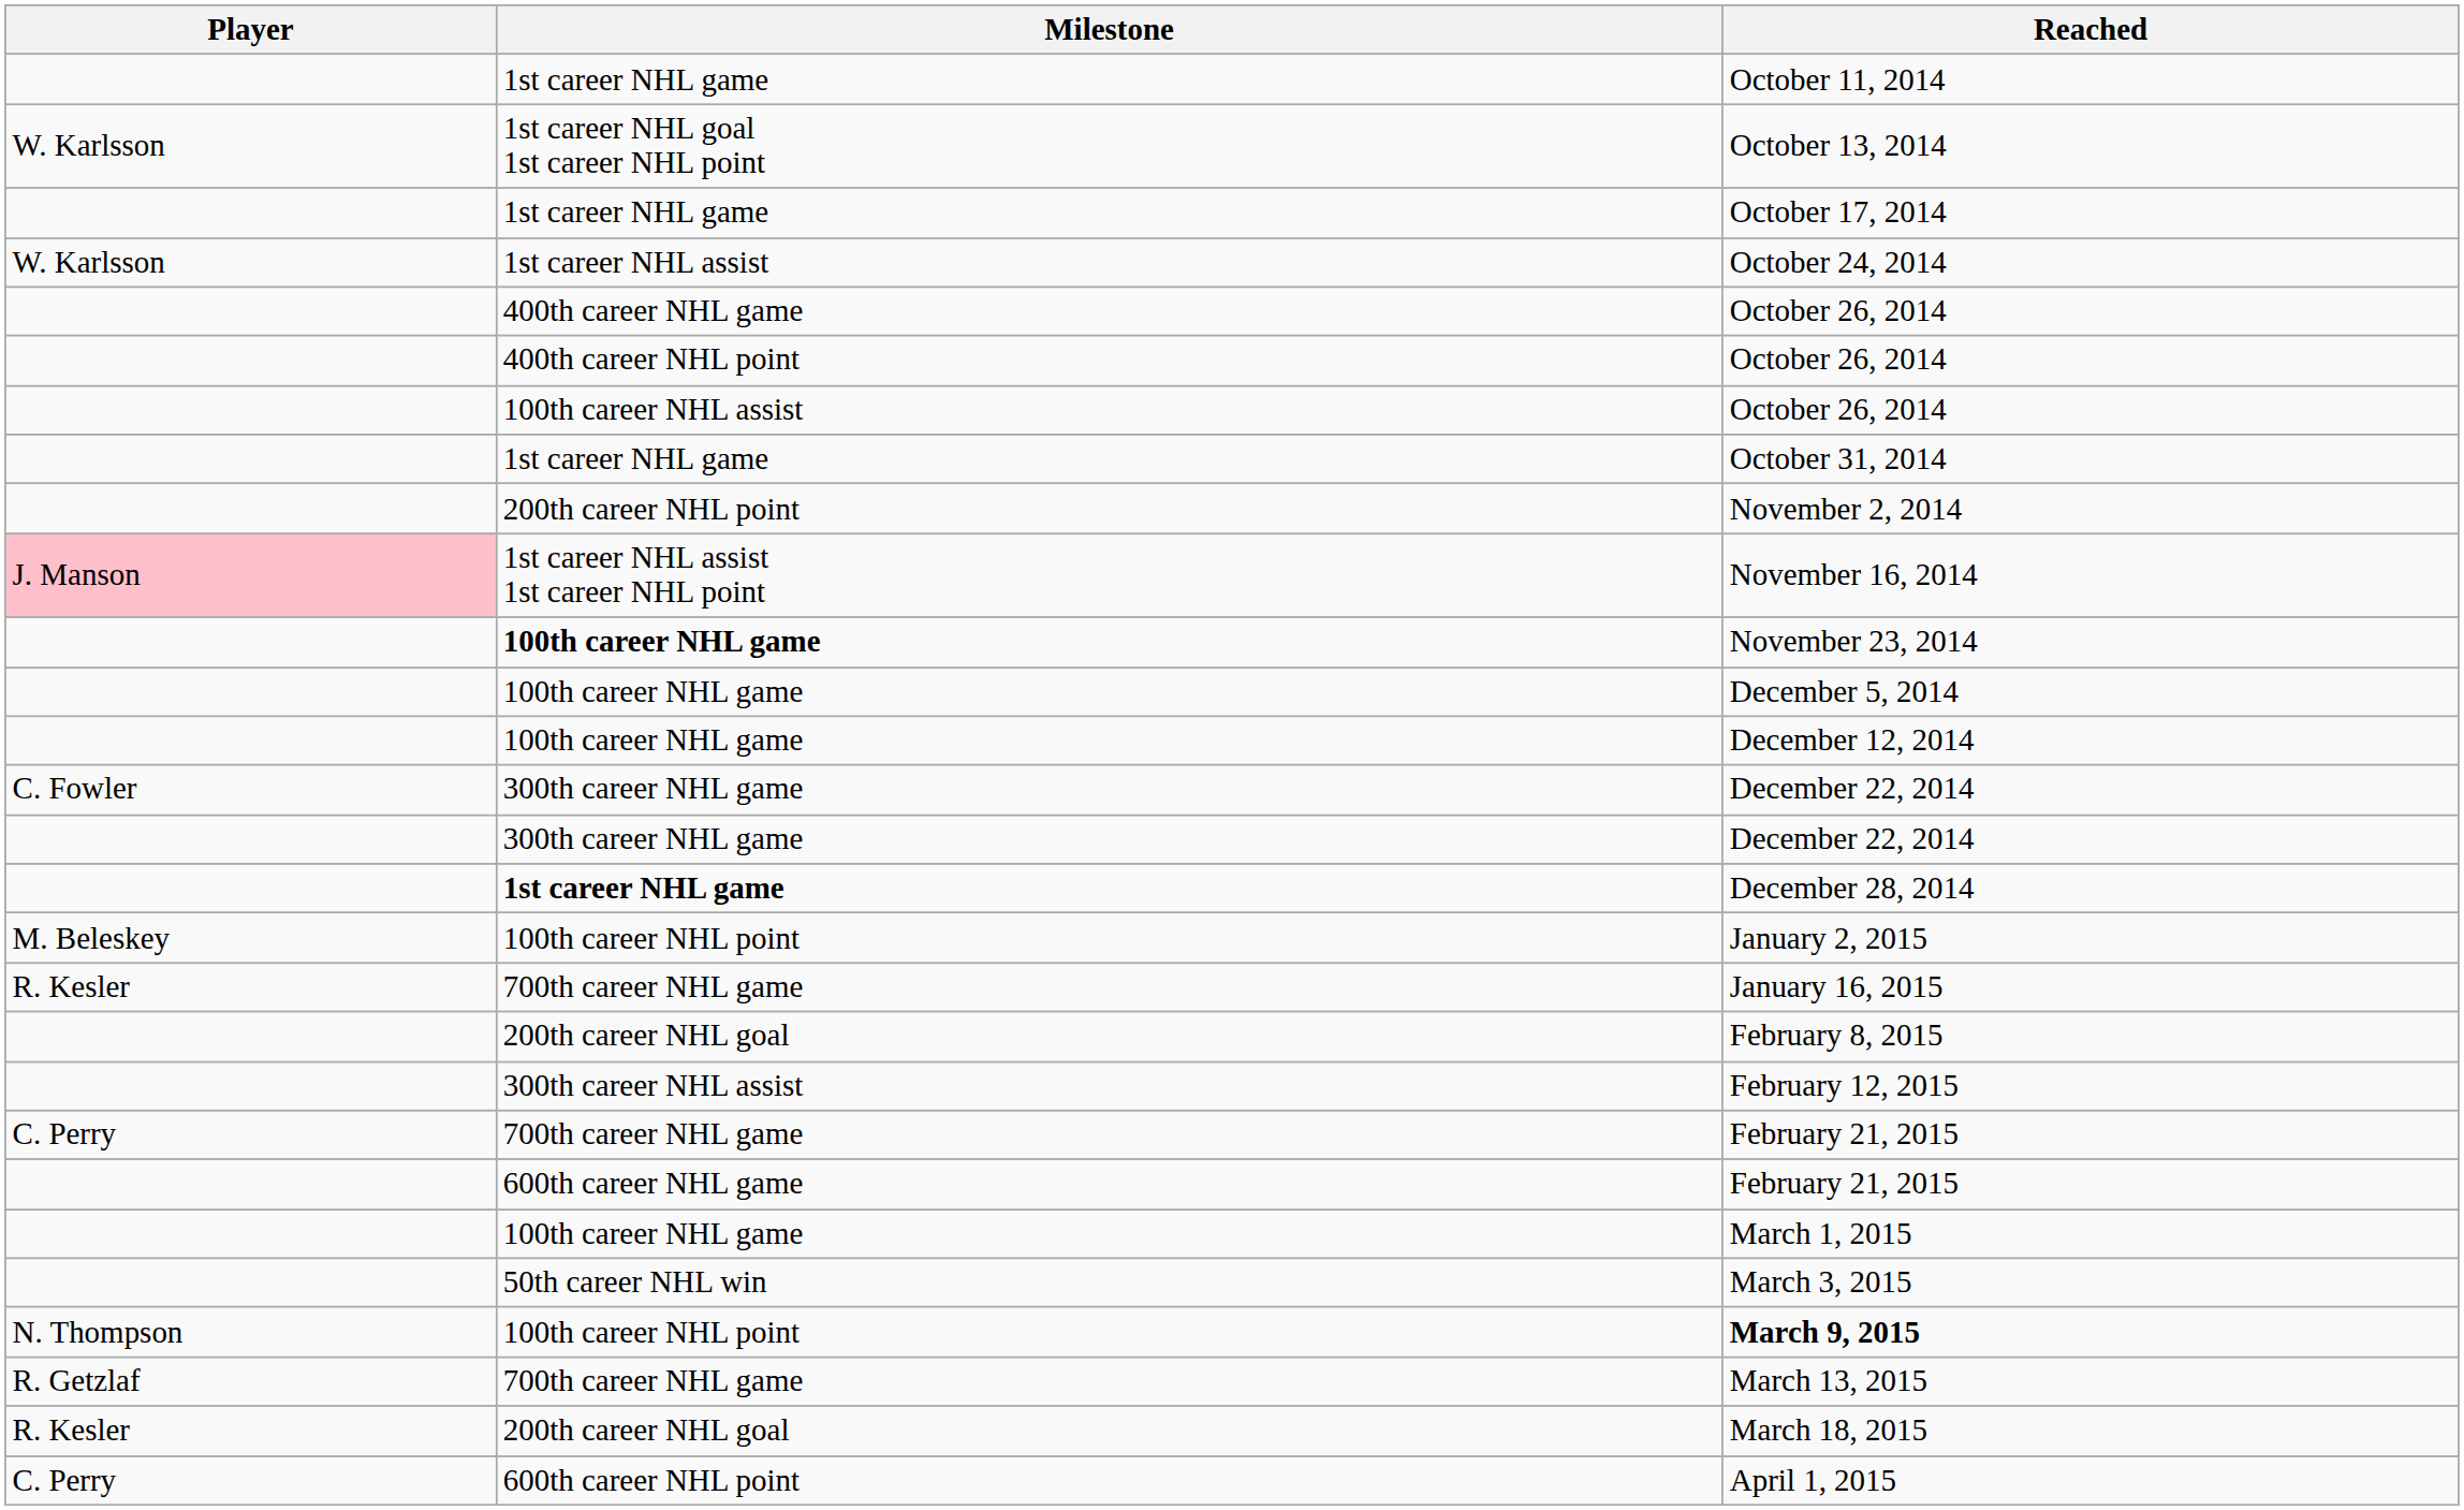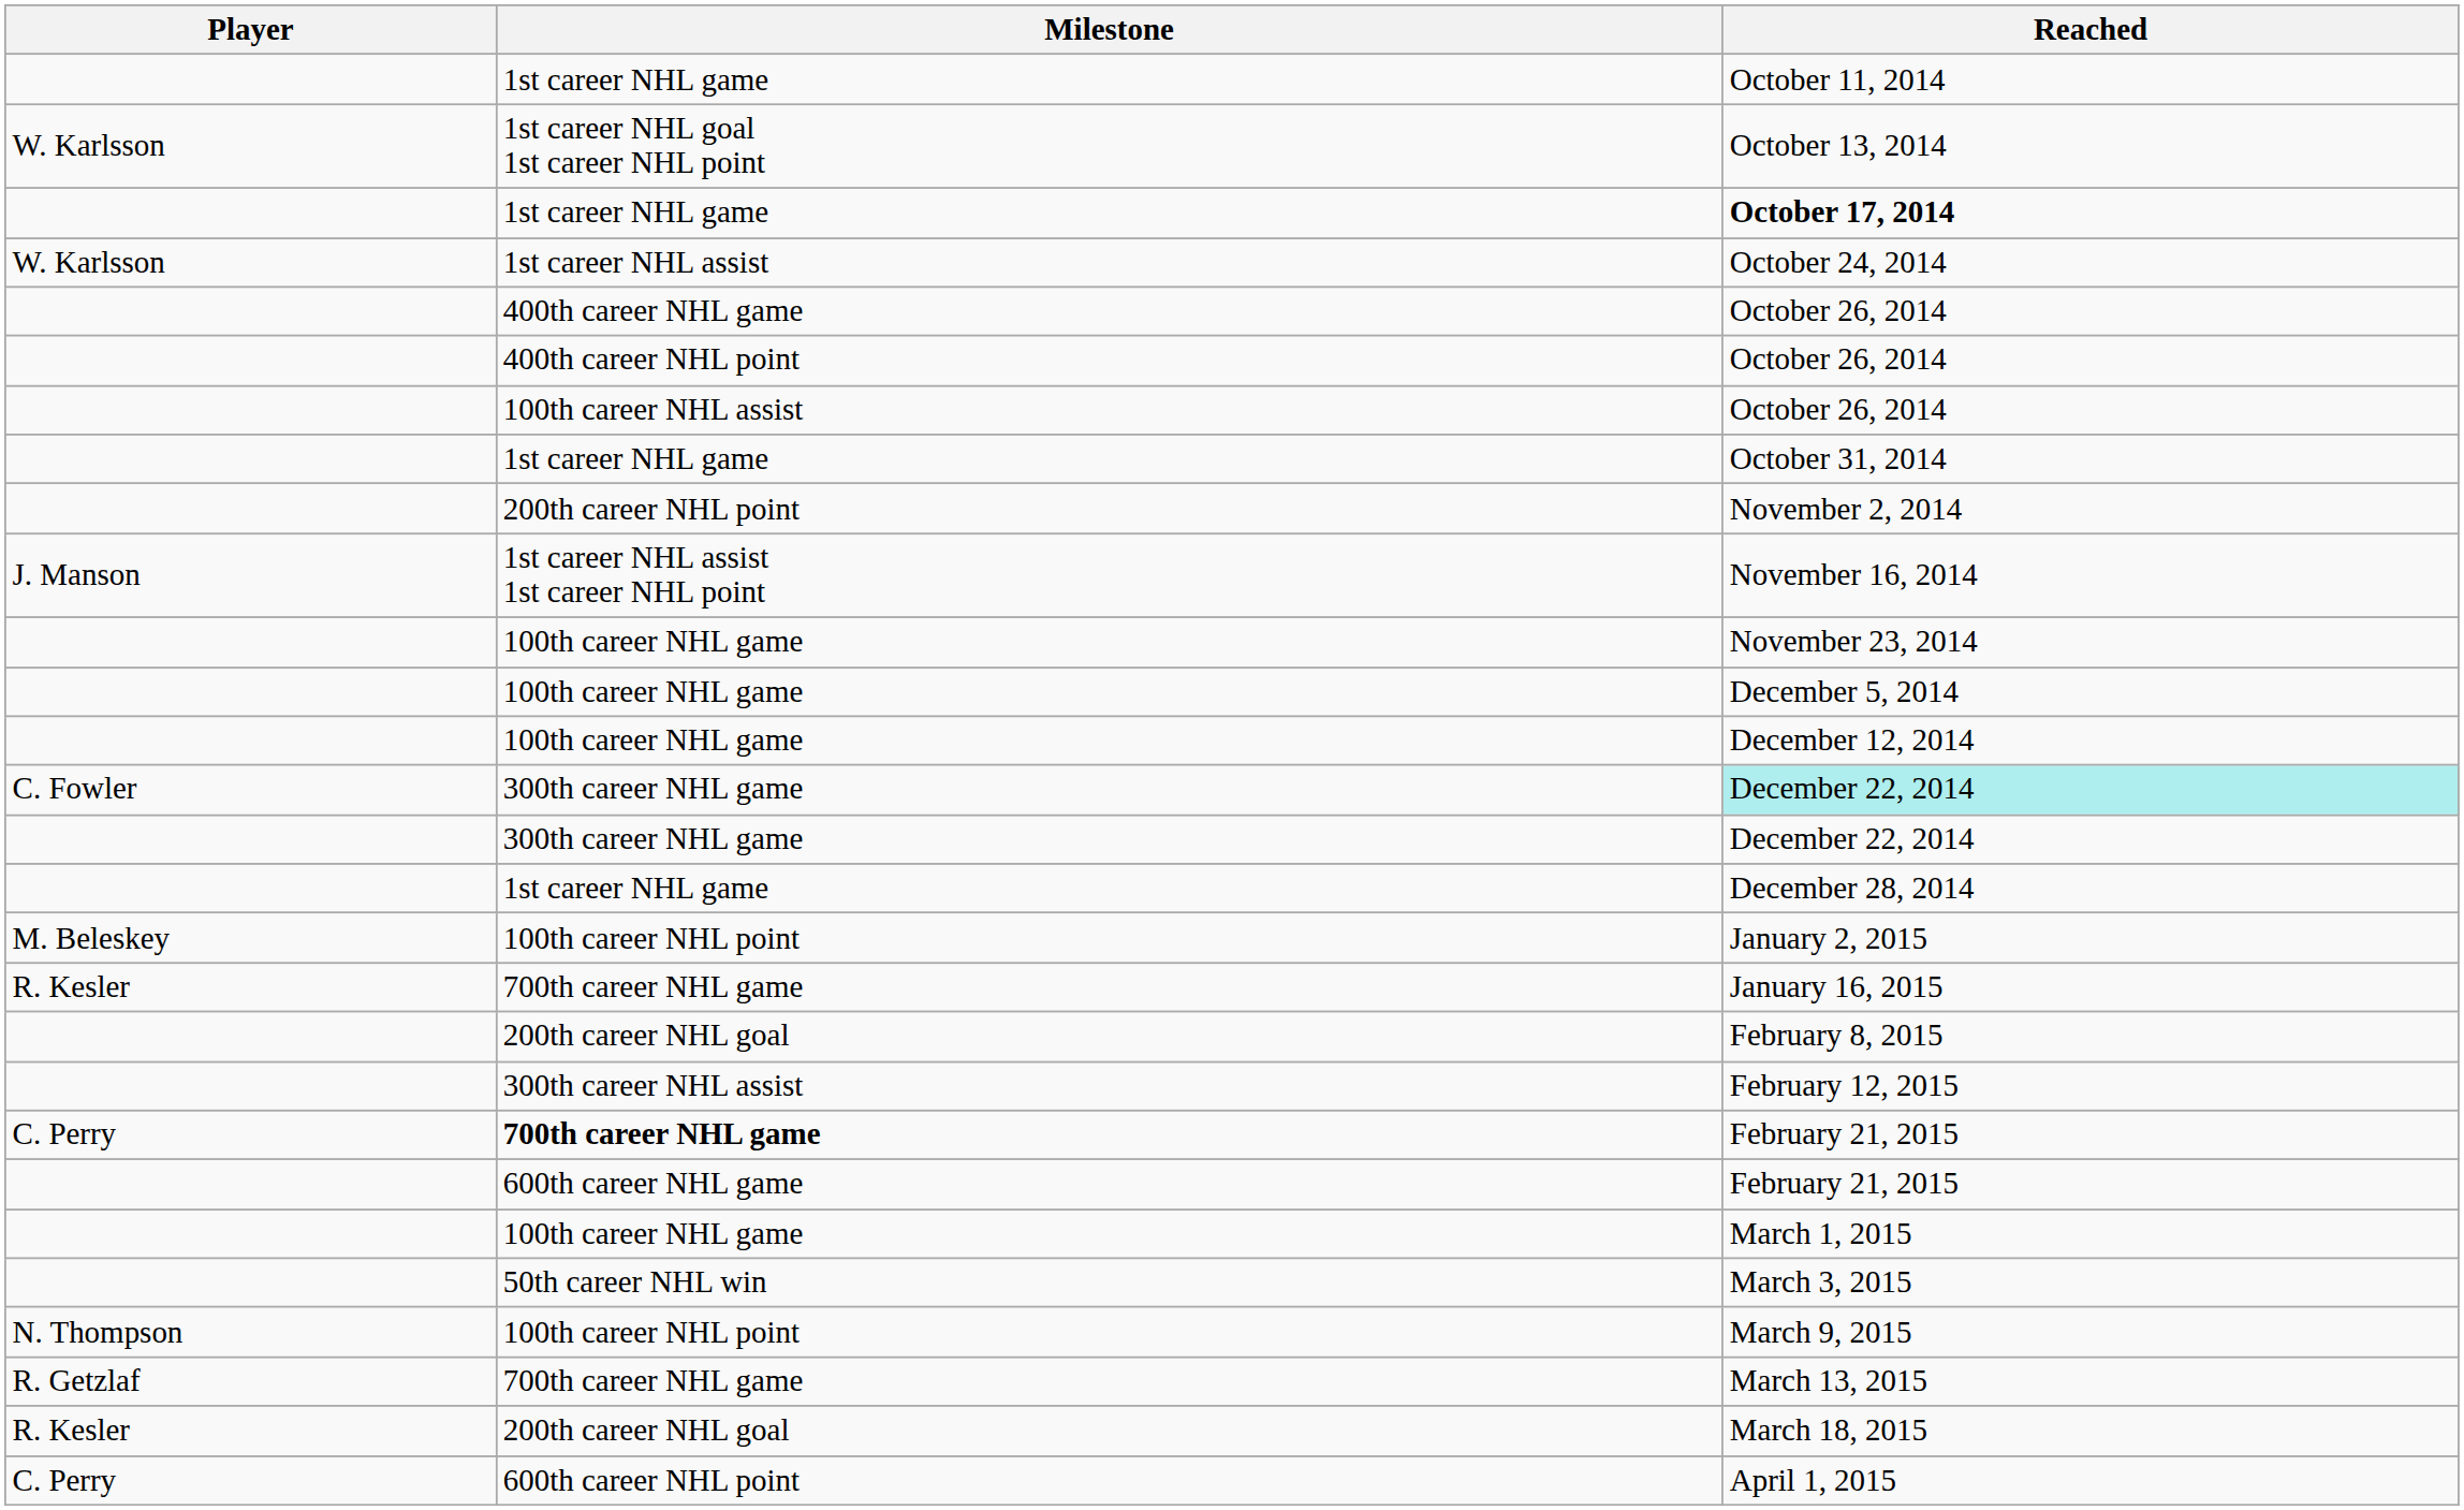 <table class="wikitable sortable" style="width:100%;">
 <tr align=center>
 <th style="width:20%;">Player</th>
 <th style="width:50%;">Milestone</th>
 <th style="width:30%;" data-sort-type="date">Reached</th>
 </tr>
 <tr>
 <td></td>
 <td>1st career NHL game</td>
 <td>October 11, 2014</td>
 </tr>
 <tr>
 <td>W. Karlsson</td>
 <td>1st career NHL goal<br>1st career NHL point</td>
 <td>October 13, 2014</td>
 </tr>
 <tr>
 <td></td>
 <td>1st career NHL game</td>
-<td>October 17, 2014</td>
+<td><strong>October 17, 2014</strong></td>
 </tr>
 <tr>
 <td>W. Karlsson</td>
 <td>1st career NHL assist</td>
 <td>October 24, 2014</td>
 </tr>
 <tr>
 <td></td>
 <td>400th career NHL game</td>
 <td>October 26, 2014</td>
 </tr>
 <tr>
 <td></td>
 <td>400th career NHL point</td>
 <td>October 26, 2014</td>
 </tr>
 <tr>
 <td></td>
 <td>100th career NHL assist</td>
 <td>October 26, 2014</td>
 </tr>
 <tr>
 <td></td>
 <td>1st career NHL game</td>
 <td>October 31, 2014</td>
 </tr>
 <tr>
 <td></td>
 <td>200th career NHL point</td>
 <td>November 2, 2014</td>
 </tr>
 <tr>
-<td style="background: pink;">J. Manson</td>
+<td>J. Manson</td>
 <td>1st career NHL assist<br>1st career NHL point</td>
 <td>November 16, 2014</td>
 </tr>
 <tr>
 <td></td>
-<td><strong>100th career NHL game</strong></td>
+<td>100th career NHL game</td>
 <td>November 23, 2014</td>
 </tr>
 <tr>
 <td></td>
 <td>100th career NHL game</td>
 <td>December 5, 2014</td>
 </tr>
 <tr>
 <td></td>
 <td>100th career NHL game</td>
 <td>December 12, 2014</td>
 </tr>
 <tr>
 <td>C. Fowler</td>
 <td>300th career NHL game</td>
-<td>December 22, 2014</td>
+<td style="background: paleturquoise;">December 22, 2014</td>
 </tr>
 <tr>
 <td></td>
 <td>300th career NHL game</td>
 <td>December 22, 2014</td>
 </tr>
 <tr>
 <td></td>
-<td><strong>1st career NHL game</strong></td>
+<td>1st career NHL game</td>
 <td>December 28, 2014</td>
 </tr>
 <tr>
 <td>M. Beleskey</td>
 <td>100th career NHL point</td>
 <td>January 2, 2015</td>
 </tr>
 <tr>
 <td>R. Kesler</td>
 <td>700th career NHL game</td>
 <td>January 16, 2015</td>
 </tr>
 <tr>
 <td></td>
 <td>200th career NHL goal</td>
 <td>February 8, 2015</td>
 </tr>
 <tr>
 <td></td>
 <td>300th career NHL assist</td>
 <td>February 12, 2015</td>
 </tr>
 <tr>
 <td>C. Perry</td>
-<td>700th career NHL game</td>
+<td><strong>700th career NHL game</strong></td>
 <td>February 21, 2015</td>
 </tr>
 <tr>
 <td></td>
 <td>600th career NHL game</td>
 <td>February 21, 2015</td>
 </tr>
 <tr>
 <td></td>
 <td>100th career NHL game</td>
 <td>March 1, 2015</td>
 </tr>
 <tr>
 <td></td>
 <td>50th career NHL win</td>
 <td>March 3, 2015</td>
 </tr>
 <tr>
 <td>N. Thompson</td>
 <td>100th career NHL point</td>
-<td><strong>March 9, 2015</strong></td>
+<td>March 9, 2015</td>
 </tr>
 <tr>
 <td>R. Getzlaf</td>
 <td>700th career NHL game</td>
 <td>March 13, 2015</td>
 </tr>
 <tr>
 <td>R. Kesler</td>
 <td>200th career NHL goal</td>
 <td>March 18, 2015</td>
 </tr>
 <tr>
 <td>C. Perry</td>
 <td>600th career NHL point</td>
 <td>April 1, 2015</td>
 </tr>
 </table>
